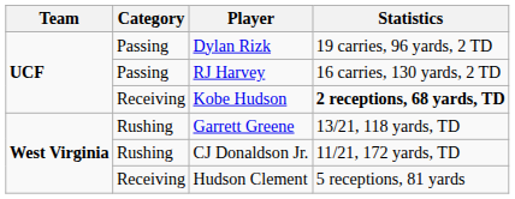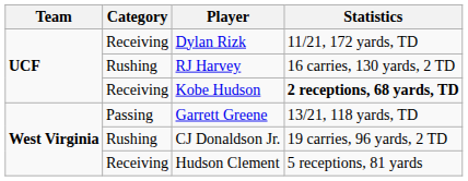 <table class="wikitable" style="float: right;">
 <tr>
 <th>Team</th>
 <th>Category</th>
 <th>Player</th>
 <th>Statistics</th>
 </tr>
 <tr>
 <td rowspan=3><strong>UCF</strong></td>
-<td>Passing</td>
+<td>Receiving</td>
 <td><a href='#'>Dylan Rizk</a></td>
-<td>19 carries, 96 yards, 2 TD</td>
+<td>11/21, 172 yards, TD</td>
 </tr>
 <tr>
-<td>Passing</td>
+<td>Rushing</td>
 <td><a href='#'>RJ Harvey</a></td>
 <td>16 carries, 130 yards, 2 TD</td>
 </tr>
 <tr>
 <td>Receiving</td>
 <td><a href='#'>Kobe Hudson</a></td>
 <td><strong>2 receptions, 68 yards, TD</strong></td>
 </tr>
 <tr>
 <td rowspan=3><strong>West Virginia</strong></td>
-<td>Rushing</td>
+<td>Passing</td>
 <td><a href='#'>Garrett Greene</a></td>
 <td>13/21, 118 yards, TD</td>
 </tr>
 <tr>
 <td>Rushing</td>
 <td>CJ Donaldson Jr.</td>
-<td>11/21, 172 yards, TD</td>
+<td>19 carries, 96 yards, 2 TD</td>
 </tr>
 <tr>
 <td>Receiving</td>
 <td>Hudson Clement</td>
 <td>5 receptions, 81 yards</td>
 </tr>
 </table>
